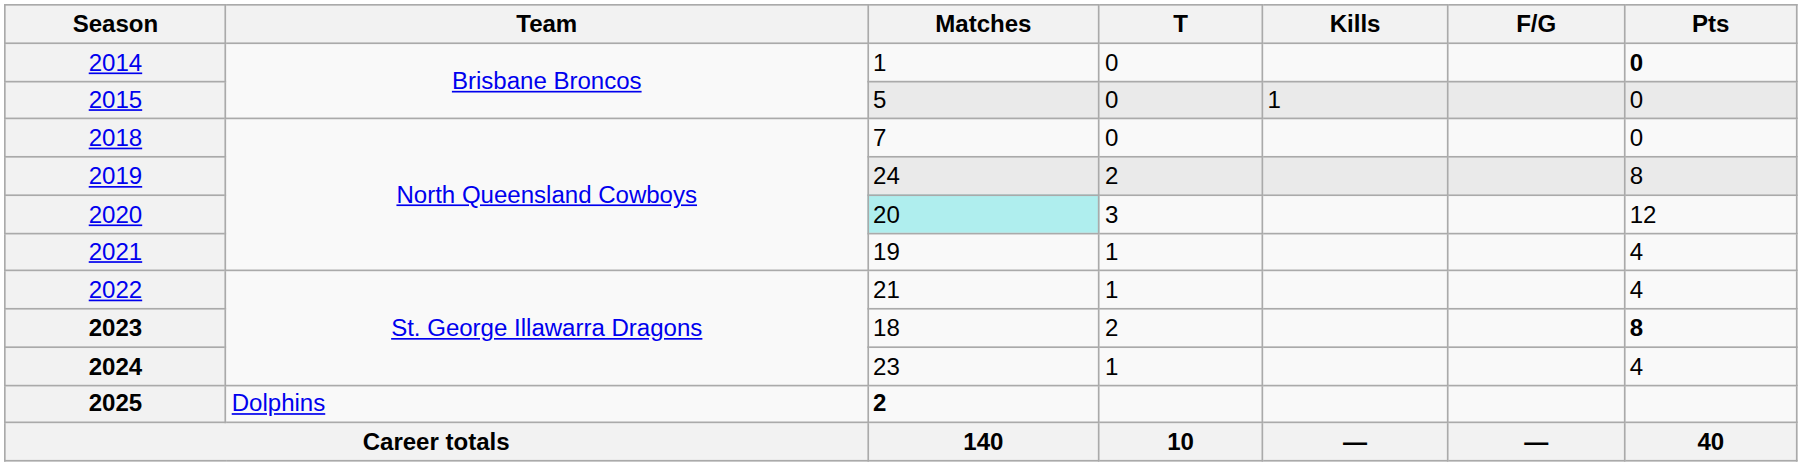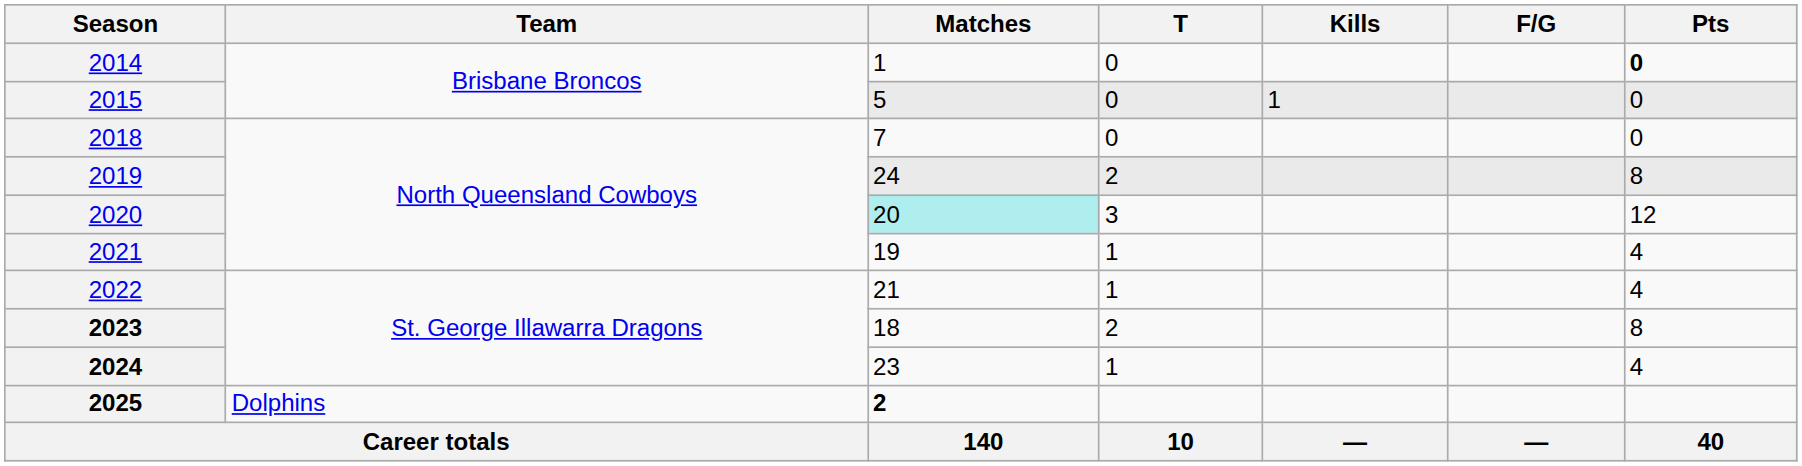 <table class="wikitable sortable"  style="font-size:90%; text-align:left; width:85%;">
 <tr>
 <th width=2%>Season</th>
 <th width=8%>Team</th>
 <th width=2%>Matches</th>
 <th width=2%>T</th>
 <th width=2%>Kills</th>
 <th width=2%>F/G</th>
 <th width=2%>Pts</th>
 </tr>
 <tr>
 <th scope="row" style="text-align:center; font-weight:normal"><a href='#'>2014</a></th>
 <td rowspan="2" style="text-align:center;"> <a href='#'>Brisbane Broncos</a></td>
 <td>1</td>
 <td>0</td>
 <td></td>
 <td></td>
 <td><strong>0</strong></td>
 </tr>
 <tr style="background:#eaeaea;">
 <th scope="row" style="text-align:center; font-weight:normal"><a href='#'>2015</a></th>
 <td>5</td>
 <td>0</td>
 <td>1</td>
 <td></td>
 <td>0</td>
 </tr>
 <tr>
 <th scope="row" style="text-align:center; font-weight:normal"><a href='#'>2018</a></th>
 <td rowspan="4" style="text-align:center;"> <a href='#'>North Queensland Cowboys</a></td>
 <td>7</td>
 <td>0</td>
 <td></td>
 <td></td>
 <td>0</td>
 </tr>
 <tr style="background:#eaeaea;">
 <th scope="row" style="text-align:center; font-weight:normal"><a href='#'>2019</a></th>
 <td>24</td>
 <td>2</td>
 <td></td>
 <td></td>
 <td>8</td>
 </tr>
 <tr>
 <th scope="row" style="text-align:center; font-weight:normal"><a href='#'>2020</a></th>
 <td style="background: paleturquoise;">20</td>
 <td>3</td>
 <td></td>
 <td></td>
 <td>12</td>
 </tr>
 <tr>
 <th scope="row" style="text-align:center; font-weight:normal"><a href='#'>2021</a></th>
 <td>19</td>
 <td>1</td>
 <td></td>
 <td></td>
 <td>4</td>
 </tr>
 <tr>
 <th scope="row" style="text-align:center; font-weight:normal"><a href='#'>2022</a></th>
 <td rowspan="3" style="text-align:center;"> <a href='#'>St. George Illawarra Dragons</a></td>
 <td>21</td>
 <td>1</td>
 <td></td>
 <td></td>
 <td>4</td>
 </tr>
 <tr>
 <th>2023</th>
 <td>18</td>
 <td>2</td>
 <td></td>
 <td></td>
-<td><strong>8</strong></td>
+<td>8</td>
 </tr>
 <tr>
 <th>2024</th>
 <td>23</td>
 <td>1</td>
 <td></td>
 <td></td>
 <td>4</td>
 </tr>
 <tr>
 <th>2025</th>
 <td> <a href='#'>Dolphins</a></td>
 <td><strong>2</strong></td>
 <td></td>
 <td></td>
 <td></td>
 <td></td>
 </tr>
 <tr class="sortbottom">
 <th colspan="2">Career totals</th>
 <th>140</th>
 <th>10</th>
 <th>—</th>
 <th>—</th>
 <th>40</th>
 </tr>
 </table>
